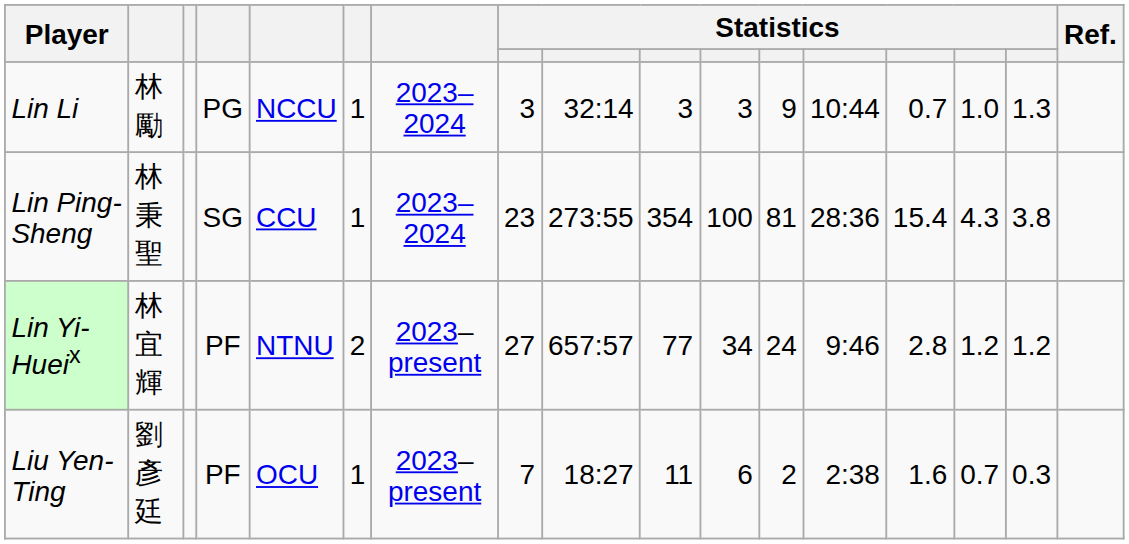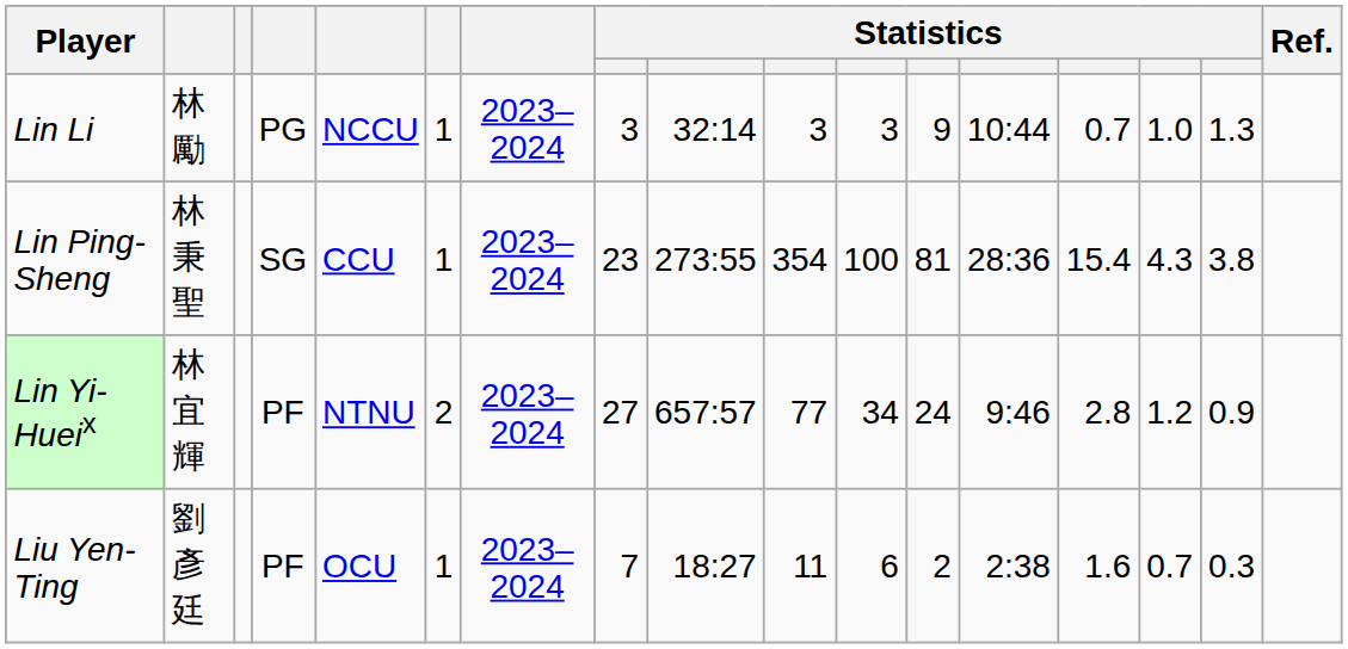 <table class="wikitable sortable" style="font-size:95%; text-align:right;">
 <tr>
 <th rowspan="2">Player</th>
 <th rowspan="2"></th>
 <th rowspan="2"></th>
 <th rowspan="2"></th>
 <th rowspan="2"></th>
 <th rowspan="2"></th>
 <th rowspan="2"></th>
 <th colspan="9">Statistics</th>
 <th rowspan="2">Ref.</th>
 </tr>
 <tr>
 <th></th>
 <th></th>
 <th></th>
 <th></th>
 <th></th>
 <th></th>
 <th></th>
 <th></th>
 <th></th>
 </tr>
 <tr>
 <td align="left"><em>Lin Li</em></td>
 <td align="left">林勵</td>
 <td align="center"></td>
 <td align="center">PG</td>
 <td align="left"><a href='#'>NCCU</a></td>
 <td align="center">1</td>
 <td align="center"><a href='#'>2023–2024</a></td>
 <td>3</td>
 <td>32:14</td>
 <td>3</td>
 <td>3</td>
 <td>9</td>
 <td>10:44</td>
 <td>0.7</td>
 <td>1.0</td>
 <td>1.3</td>
 <td align="center"></td>
 </tr>
 <tr>
 <td align="left"><em>Lin Ping-Sheng</em></td>
 <td align="left">林秉聖</td>
 <td align="center"></td>
 <td align="center">SG</td>
 <td align="left"><a href='#'>CCU</a></td>
 <td align="center">1</td>
 <td align="center"><a href='#'>2023–2024</a></td>
 <td>23</td>
 <td>273:55</td>
 <td>354</td>
 <td>100</td>
 <td>81</td>
 <td>28:36</td>
 <td>15.4</td>
 <td>4.3</td>
 <td>3.8</td>
 <td align="center"></td>
 </tr>
 <tr>
 <td align="left" bgcolor="#CCFFCC"><em>Lin Yi-Huei</em><sup>x</sup></td>
 <td align="left">林宜輝</td>
 <td align="center"></td>
 <td align="center">PF</td>
 <td align="left"><a href='#'>NTNU</a></td>
 <td align="center">2</td>
-<td align="center"><a href='#'>2023</a>–<a href='#'>present</a></td>
+<td align="center"><a href='#'>2023–2024</a></td>
 <td>27</td>
 <td>657:57</td>
 <td>77</td>
 <td>34</td>
 <td>24</td>
 <td>9:46</td>
 <td>2.8</td>
 <td>1.2</td>
-<td>1.2</td>
+<td>0.9</td>
 <td align="center"></td>
 </tr>
 <tr>
 <td align="left"><em>Liu Yen-Ting</em></td>
 <td align="left">劉彥廷</td>
 <td align="center"></td>
 <td align="center">PF</td>
 <td align="left"><a href='#'>OCU</a></td>
 <td align="center">1</td>
-<td align="center"><a href='#'>2023</a>–<a href='#'>present</a></td>
+<td align="center"><a href='#'>2023–2024</a></td>
 <td>7</td>
 <td>18:27</td>
 <td>11</td>
 <td>6</td>
 <td>2</td>
 <td>2:38</td>
 <td>1.6</td>
 <td>0.7</td>
 <td>0.3</td>
 <td align="center"></td>
 </tr>
 </table>
